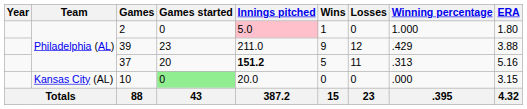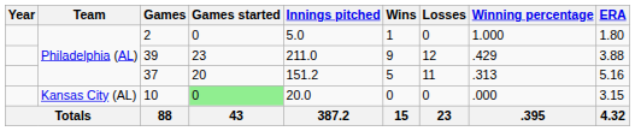 <table class="wikitable">
 <tr>
 <th>Year</th>
 <th>Team</th>
 <th>Games</th>
 <th>Games started</th>
 <th><a href='#'>Innings pitched</a></th>
 <th>Wins</th>
 <th>Losses</th>
 <th><a href='#'>Winning percentage</a></th>
 <th><a href='#'>ERA</a></th>
 </tr>
 <tr>
 <td></td>
 <td rowspan=3><a href='#'>Philadelphia</a> (<a href='#'>AL</a>)</td>
 <td>2</td>
 <td>0</td>
-<td style="background: pink;">5.0</td>
+<td>5.0</td>
 <td>1</td>
 <td>0</td>
 <td>1.000</td>
 <td>1.80</td>
 </tr>
 <tr>
 <td></td>
 <td>39</td>
 <td>23</td>
 <td>211.0</td>
 <td>9</td>
 <td>12</td>
 <td>.429</td>
 <td>3.88</td>
 </tr>
 <tr>
 <td></td>
 <td>37</td>
 <td>20</td>
-<td><strong>151.2</strong></td>
+<td>151.2</td>
 <td>5</td>
 <td>11</td>
 <td>.313</td>
 <td>5.16</td>
 </tr>
 <tr>
 <td></td>
 <td><a href='#'>Kansas City</a> (AL)</td>
 <td>10</td>
 <td style="background: lightgreen;">0</td>
 <td>20.0</td>
 <td>0</td>
 <td>0</td>
 <td>.000</td>
 <td>3.15</td>
 </tr>
 <tr>
 <th colspan=2>Totals</th>
 <th>88</th>
 <th>43</th>
 <th>387.2</th>
 <th>15</th>
 <th>23</th>
 <th>.395</th>
 <th>4.32</th>
 </tr>
 </table>
